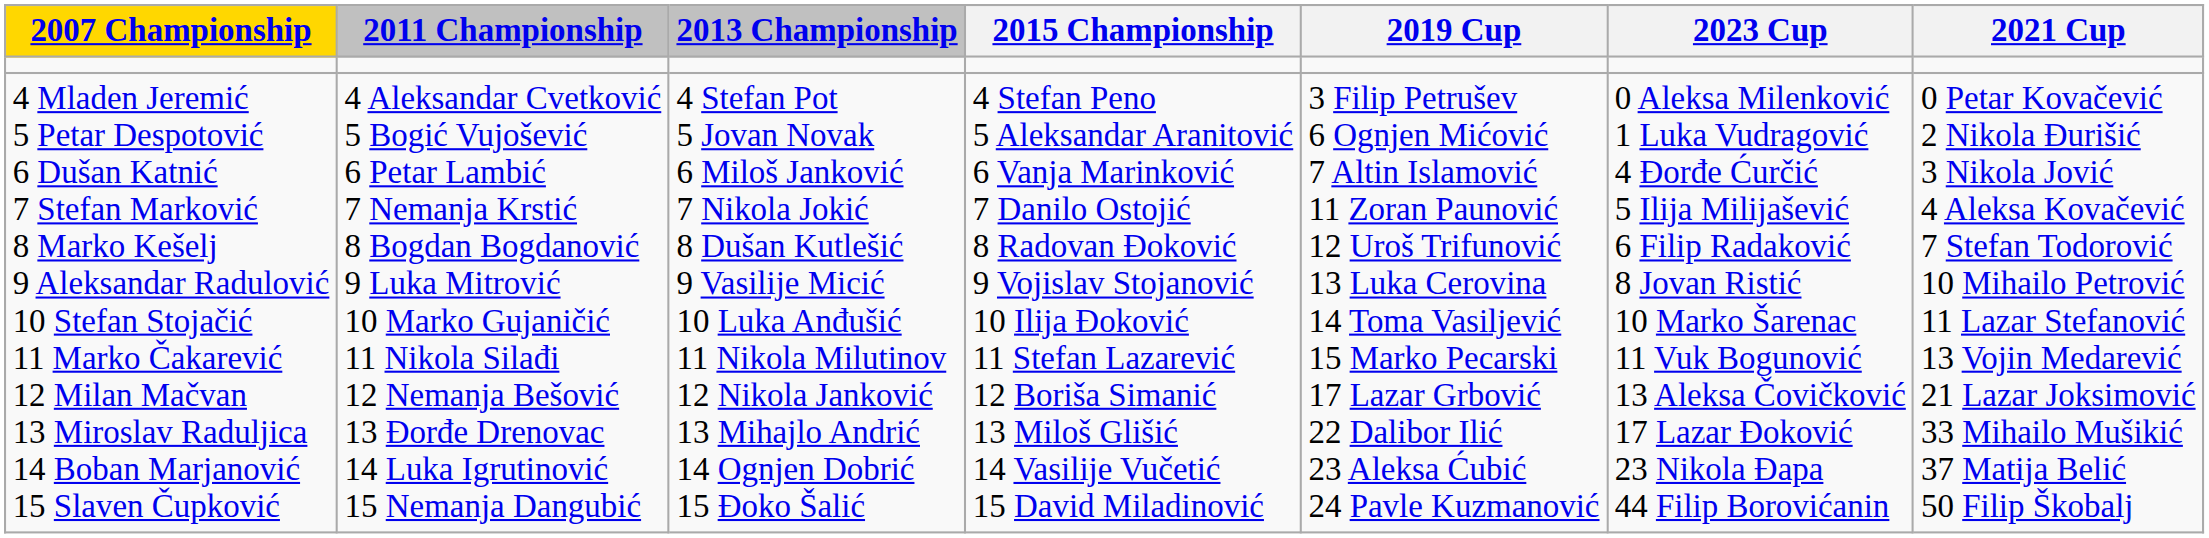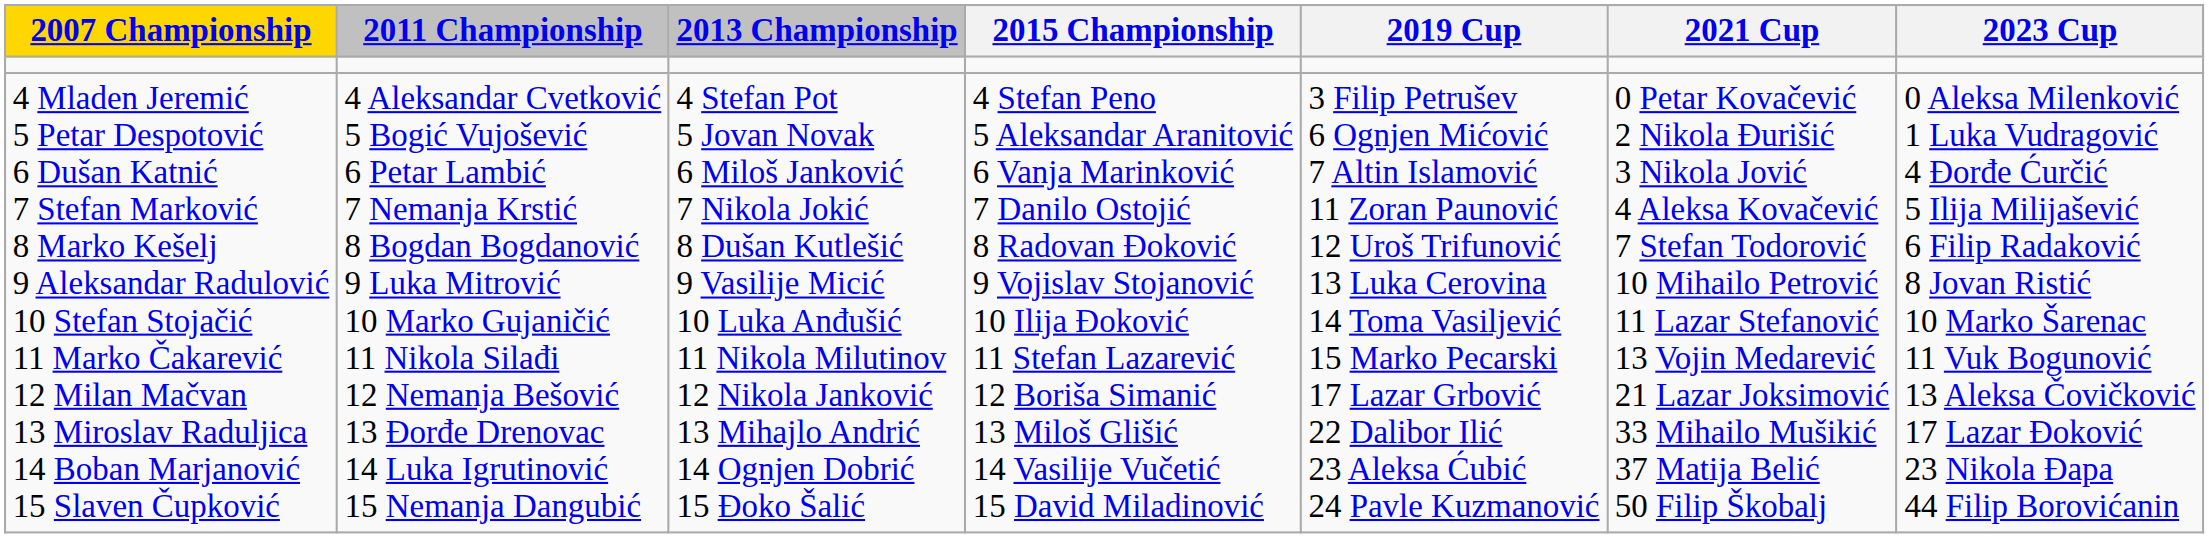 <table class="wikitable">
 <tr>
 <th style="background:gold;"><a href='#'>2007 Championship</a></th>
 <th style="background:silver;"><a href='#'>2011 Championship</a></th>
 <th style="background:silver;"><a href='#'>2013 Championship</a></th>
 <th><a href='#'>2015 Championship</a></th>
 <th><a href='#'>2019 Cup</a></th>
+<th><a href='#'>2021 Cup</a></th>
 <th><a href='#'>2023 Cup</a></th>
-<th><a href='#'>2021 Cup</a></th>
 </tr>
 <tr>
 <td></td>
 <td></td>
 <td></td>
 <td></td>
 <td></td>
 <td></td>
 <td></td>
 </tr>
 <tr>
 <td valign=top>4 <a href='#'>Mladen Jeremić</a><br>5 <a href='#'>Petar Despotović</a><br>6 <a href='#'>Dušan Katnić</a><br>7 <a href='#'>Stefan Marković</a><br>8 <a href='#'>Marko Kešelj</a><br>9 <a href='#'>Aleksandar Radulović</a><br>10 <a href='#'>Stefan Stojačić</a><br>11 <a href='#'>Marko Čakarević</a><br>12 <a href='#'>Milan Mačvan</a><br>13 <a href='#'>Miroslav Raduljica</a><br>14 <a href='#'>Boban Marjanović</a><br>15 <a href='#'>Slaven Čupković</a></td>
 <td valign=top>4 <a href='#'>Aleksandar Cvetković</a><br>5 <a href='#'>Bogić Vujošević</a><br>6 <a href='#'>Petar Lambić</a><br>7 <a href='#'>Nemanja Krstić</a><br>8 <a href='#'>Bogdan Bogdanović</a><br>9 <a href='#'>Luka Mitrović</a><br>10 <a href='#'>Marko Gujaničić</a><br>11 <a href='#'>Nikola Silađi</a><br>12 <a href='#'>Nemanja Bešović</a><br>13 <a href='#'>Đorđe Drenovac</a><br>14 <a href='#'>Luka Igrutinović</a><br>15 <a href='#'>Nemanja Dangubić</a></td>
 <td valign=top>4 <a href='#'>Stefan Pot</a><br>5 <a href='#'>Jovan Novak</a><br>6 <a href='#'>Miloš Janković</a><br>7 <a href='#'>Nikola Jokić</a><br>8 <a href='#'>Dušan Kutlešić</a><br>9 <a href='#'>Vasilije Micić</a><br>10 <a href='#'>Luka Anđušić</a><br>11 <a href='#'>Nikola Milutinov</a><br>12 <a href='#'>Nikola Janković</a><br>13 <a href='#'>Mihajlo Andrić</a><br>14 <a href='#'>Ognjen Dobrić</a><br>15 <a href='#'>Đoko Šalić</a></td>
 <td valign=top>4 <a href='#'>Stefan Peno</a><br>5 <a href='#'>Aleksandar Aranitović</a><br>6 <a href='#'>Vanja Marinković</a><br>7 <a href='#'>Danilo Ostojić</a> <br>8 <a href='#'>Radovan Đoković</a><br>9 <a href='#'>Vojislav Stojanović</a><br>10 <a href='#'>Ilija Đoković</a> <br>11 <a href='#'>Stefan Lazarević</a><br>12 <a href='#'>Boriša Simanić</a><br>13 <a href='#'>Miloš Glišić</a><br>14 <a href='#'>Vasilije Vučetić</a><br>15 <a href='#'>David Miladinović</a></td>
 <td valign=top>3 <a href='#'>Filip Petrušev</a> <br>6 <a href='#'>Ognjen Mićović</a> <br>7 <a href='#'>Altin Islamović</a> <br>11 <a href='#'>Zoran Paunović</a><br>12 <a href='#'>Uroš Trifunović</a> <br>13 <a href='#'>Luka Cerovina</a> <br>14 <a href='#'>Toma Vasiljević</a> <br>15 <a href='#'>Marko Pecarski</a> <br>17 <a href='#'>Lazar Grbović</a> <br>22 <a href='#'>Dalibor Ilić</a> <br>23 <a href='#'>Aleksa Ćubić</a> <br>24 <a href='#'>Pavle Kuzmanović</a></td>
+<td valign=top>0 <a href='#'>Petar Kovačević</a><br>2 <a href='#'>Nikola Đurišić</a><br>3 <a href='#'>Nikola Jović</a><br>4 <a href='#'>Aleksa Kovačević</a><br>7 <a href='#'>Stefan Todorović</a><br>10 <a href='#'>Mihailo Petrović</a><br>11 <a href='#'>Lazar Stefanović</a><br>13 <a href='#'>Vojin Medarević</a><br>21 <a href='#'>Lazar Joksimović</a><br>33 <a href='#'>Mihailo Mušikić</a><br>37 <a href='#'>Matija Belić</a><br>50 <a href='#'>Filip Škobalj</a></td>
 <td valign=top>0 <a href='#'>Aleksa Milenković</a><br>1 <a href='#'>Luka Vudragović</a><br>4 <a href='#'>Đorđe Ćurčić</a><br> 5 <a href='#'>Ilija Milijašević</a><br>6 <a href='#'>Filip Radaković</a><br>8 <a href='#'>Jovan Ristić</a><br>10 <a href='#'>Marko Šarenac</a><br>11 <a href='#'>Vuk Bogunović</a><br>13 <a href='#'>Aleksa Čovičković</a><br>17 <a href='#'>Lazar Đoković</a><br>23 <a href='#'>Nikola Đapa</a><br>44 <a href='#'>Filip Borovićanin</a></td>
-<td valign=top>0 <a href='#'>Petar Kovačević</a><br>2 <a href='#'>Nikola Đurišić</a><br>3 <a href='#'>Nikola Jović</a><br>4 <a href='#'>Aleksa Kovačević</a><br>7 <a href='#'>Stefan Todorović</a><br>10 <a href='#'>Mihailo Petrović</a><br>11 <a href='#'>Lazar Stefanović</a><br>13 <a href='#'>Vojin Medarević</a><br>21 <a href='#'>Lazar Joksimović</a><br>33 <a href='#'>Mihailo Mušikić</a><br>37 <a href='#'>Matija Belić</a><br>50 <a href='#'>Filip Škobalj</a></td>
 </tr>
 </table>
